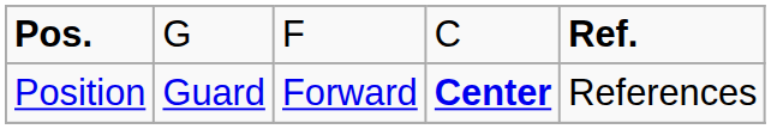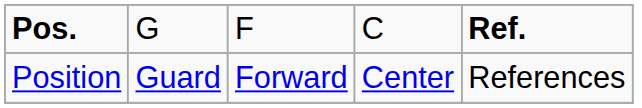 <table class="wikitable">
 <tr>
 <td><strong>Pos.</strong></td>
 <td>G</td>
 <td>F</td>
 <td>C</td>
 <td><strong>Ref.</strong></td>
 </tr>
 <tr>
 <td><a href='#'>Position</a></td>
 <td><a href='#'>Guard</a></td>
 <td><a href='#'>Forward</a></td>
-<td><strong><a href='#'>Center</a></strong></td>
+<td><a href='#'>Center</a></td>
 <td>References</td>
 </tr>
 <tr>
 </tr>
 </table>
